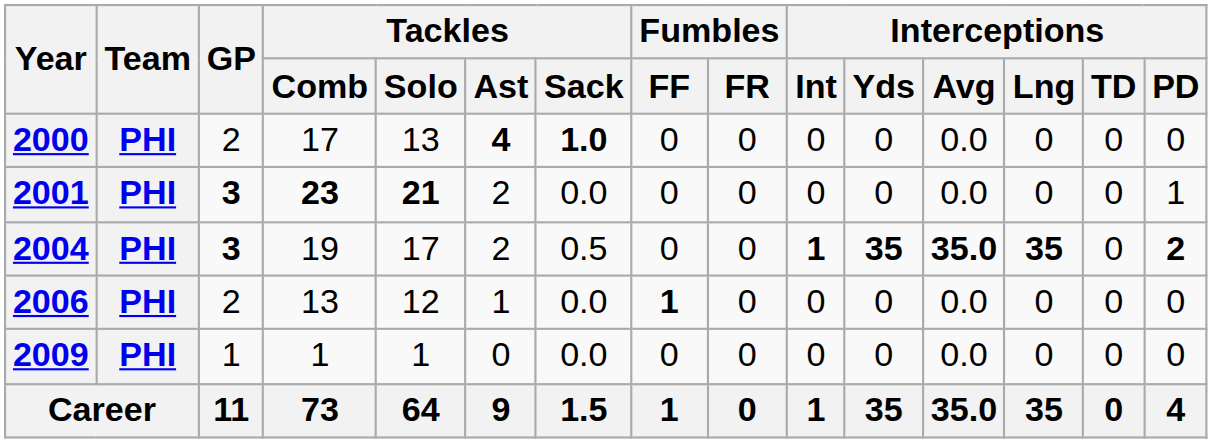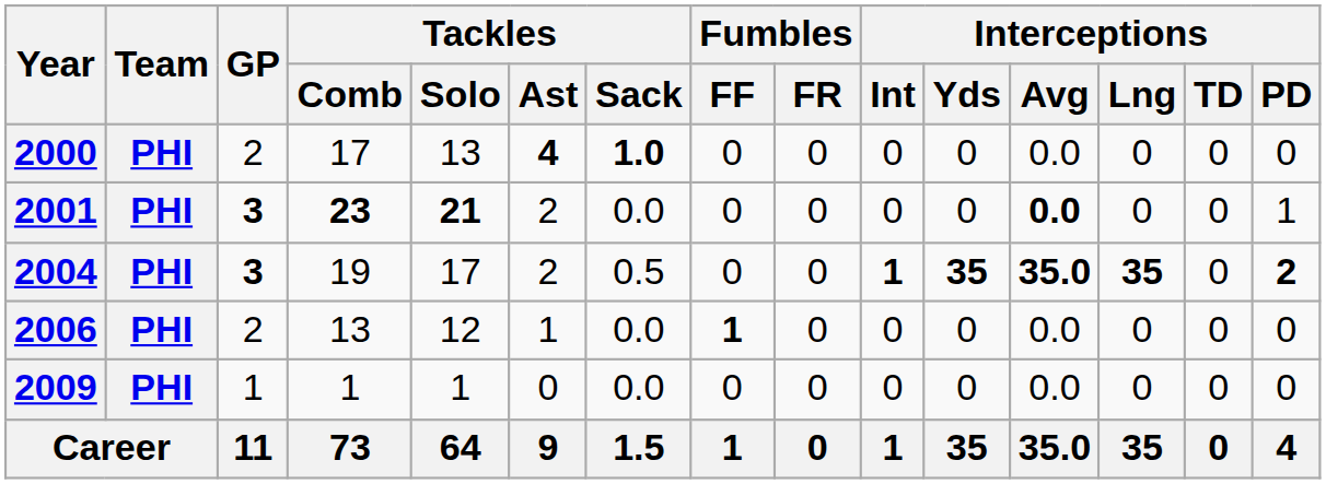 <table class="wikitable" style="text-align:center">
 <tr>
 <th rowspan="2">Year</th>
 <th rowspan="2">Team</th>
 <th rowspan="2">GP</th>
 <th colspan="4">Tackles</th>
 <th colspan="2">Fumbles</th>
 <th colspan="6">Interceptions</th>
 </tr>
 <tr>
 <th>Comb</th>
 <th>Solo</th>
 <th>Ast</th>
 <th>Sack</th>
 <th>FF</th>
 <th>FR</th>
 <th>Int</th>
 <th>Yds</th>
 <th>Avg</th>
 <th>Lng</th>
 <th>TD</th>
 <th>PD</th>
 </tr>
 <tr>
 <th><a href='#'>2000</a></th>
 <th><a href='#'>PHI</a></th>
 <td>2</td>
 <td>17</td>
 <td>13</td>
 <td><strong>4</strong></td>
 <td><strong>1.0</strong></td>
 <td>0</td>
 <td>0</td>
 <td>0</td>
 <td>0</td>
 <td>0.0</td>
 <td>0</td>
 <td>0</td>
 <td>0</td>
 </tr>
 <tr>
 <th><a href='#'>2001</a></th>
 <th><a href='#'>PHI</a></th>
 <td><strong>3</strong></td>
 <td><strong>23</strong></td>
 <td><strong>21</strong></td>
 <td>2</td>
 <td>0.0</td>
 <td>0</td>
 <td>0</td>
 <td>0</td>
 <td>0</td>
-<td>0.0</td>
+<td><strong>0.0</strong></td>
 <td>0</td>
 <td>0</td>
 <td>1</td>
 </tr>
 <tr>
 <th><a href='#'>2004</a></th>
 <th><a href='#'>PHI</a></th>
 <td><strong>3</strong></td>
 <td>19</td>
 <td>17</td>
 <td>2</td>
 <td>0.5</td>
 <td>0</td>
 <td>0</td>
 <td><strong>1</strong></td>
 <td><strong>35</strong></td>
 <td><strong>35.0</strong></td>
 <td><strong>35</strong></td>
 <td>0</td>
 <td><strong>2</strong></td>
 </tr>
 <tr>
 <th><a href='#'>2006</a></th>
 <th><a href='#'>PHI</a></th>
 <td>2</td>
 <td>13</td>
 <td>12</td>
 <td>1</td>
 <td>0.0</td>
 <td><strong>1</strong></td>
 <td>0</td>
 <td>0</td>
 <td>0</td>
 <td>0.0</td>
 <td>0</td>
 <td>0</td>
 <td>0</td>
 </tr>
 <tr>
 <th><a href='#'>2009</a></th>
 <th><a href='#'>PHI</a></th>
 <td>1</td>
 <td>1</td>
 <td>1</td>
 <td>0</td>
 <td>0.0</td>
 <td>0</td>
 <td>0</td>
 <td>0</td>
 <td>0</td>
 <td>0.0</td>
 <td>0</td>
 <td>0</td>
 <td>0</td>
 </tr>
 <tr>
 <th colspan="2">Career</th>
 <th>11</th>
 <th>73</th>
 <th>64</th>
 <th>9</th>
 <th>1.5</th>
 <th>1</th>
 <th>0</th>
 <th>1</th>
 <th>35</th>
 <th>35.0</th>
 <th>35</th>
 <th>0</th>
 <th>4</th>
 </tr>
 </table>
